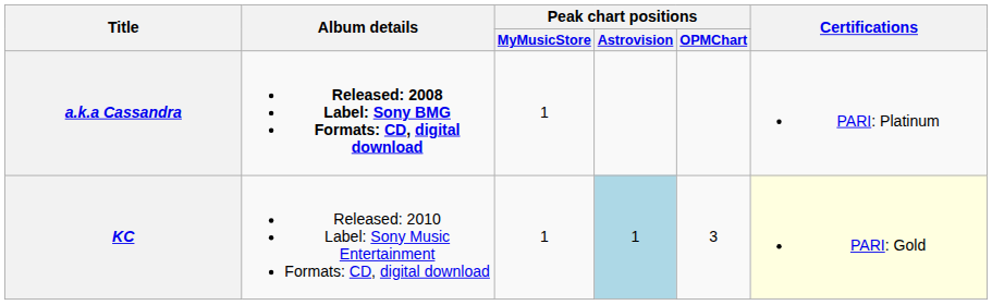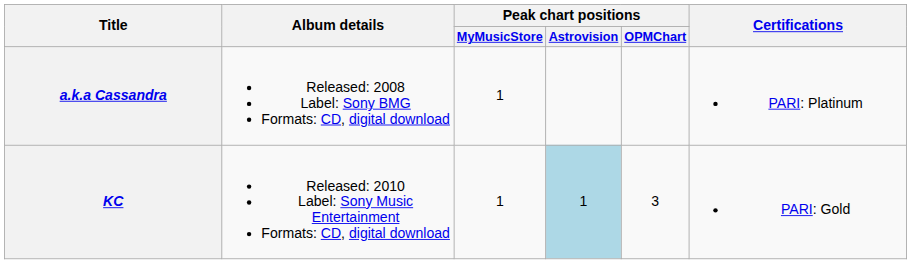 <table class="wikitable plainrowheaders" style="text-align:center;">
 <tr>
 <th scope="col" rowspan="2" style="width:15em;">Title</th>
 <th scope="col" rowspan="2" style="width:16em;">Album details</th>
 <th scope="col" colspan="3">Peak chart positions</th>
 <th scope="col" rowspan="2" style="width:15em;"><a href='#'>Certifications</a></th>
 </tr>
 <tr>
 <th scope="col" style="width:2.5em;font-size:90%;"><a href='#'>MyMusicStore</a></th>
 <th scope="col" style="width:2.5em;font-size:90%;"><a href='#'>Astrovision</a></th>
 <th scope="col" style="width:2.5em;font-size:90%;"><a href='#'>OPM</a><a href='#'>Chart</a></th>
 </tr>
 <tr>
 <th scope="row"><em><a href='#'>a.k.a Cassandra</a></em></th>
-<td><strong><br><ul><li>Released: 2008</li><li>Label: <a href='#'>Sony BMG</a></li><li>Formats: <a href='#'>CD</a>, <a href='#'>digital download</a></li></ul></strong></td>
+<td><br><ul><li>Released: 2008</li><li>Label: <a href='#'>Sony BMG</a></li><li>Formats: <a href='#'>CD</a>, <a href='#'>digital download</a></li></ul></td>
 <td>1</td>
 <td></td>
 <td></td>
 <td><br><ul><li><a href='#'>PARI</a>: Platinum</li></ul></td>
 </tr>
 <tr>
 <th scope="row"><em><a href='#'>KC</a></em></th>
 <td><br><ul><li>Released: 2010</li><li>Label: <a href='#'>Sony Music Entertainment</a></li><li>Formats: <a href='#'>CD</a>, <a href='#'>digital download</a></li></ul></td>
 <td>1</td>
 <td style="background: lightblue;">1</td>
 <td>3</td>
-<td style="background: lightyellow;"><br><ul><li><a href='#'>PARI</a>: Gold</li></ul></td>
+<td><br><ul><li><a href='#'>PARI</a>: Gold</li></ul></td>
 </tr>
 </table>
